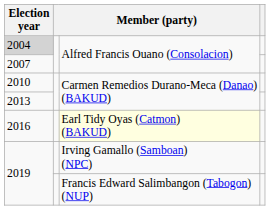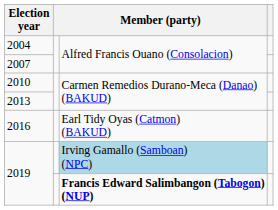 <table class="wikitable">
 <tr>
 <th width="60px">Election<br>year</th>
 <th colspan="2" width="140px">Member (party)</th>
 <th !></th>
 </tr>
 <tr>
-<td style="background: lightgrey;">2004</td>
+<td>2004</td>
 <td rowspan="2"></td>
 <td rowspan="2">Alfred Francis Ouano (<a href='#'>Consolacion</a>)</td>
 <td></td>
 </tr>
 <tr>
 <td>2007</td>
 <td></td>
 </tr>
 <tr>
 <td>2010</td>
 <td rowspan="2" bgcolor=></td>
 <td rowspan="2">Carmen Remedios Durano-Meca (<a href='#'>Danao</a>)<br>(<a href='#'>BAKUD</a>)</td>
 <td></td>
 </tr>
 <tr>
 <td>2013</td>
 <td></td>
 </tr>
 <tr>
 <td>2016</td>
 <td bgcolor=></td>
-<td style="background: lightyellow;">Earl Tidy Oyas (<a href='#'>Catmon</a>)<br>(<a href='#'>BAKUD</a>)</td>
+<td>Earl Tidy Oyas (<a href='#'>Catmon</a>)<br>(<a href='#'>BAKUD</a>)</td>
 <td></td>
 </tr>
 <tr>
 <td rowspan="2">2019</td>
 <td bgcolor=></td>
-<td>Irving Gamallo (<a href='#'>Samboan</a>)<br>(<a href='#'>NPC</a>)</td>
+<td style="background: lightblue;">Irving Gamallo (<a href='#'>Samboan</a>)<br>(<a href='#'>NPC</a>)</td>
 <td></td>
 </tr>
 <tr>
 <td bgcolor=></td>
-<td>Francis Edward Salimbangon (<a href='#'>Tabogon</a>)<br>(<a href='#'>NUP</a>)</td>
+<td><strong>Francis Edward Salimbangon (<a href='#'>Tabogon</a>)<br>(<a href='#'>NUP</a>)</strong></td>
 <td></td>
 </tr>
 </table>
